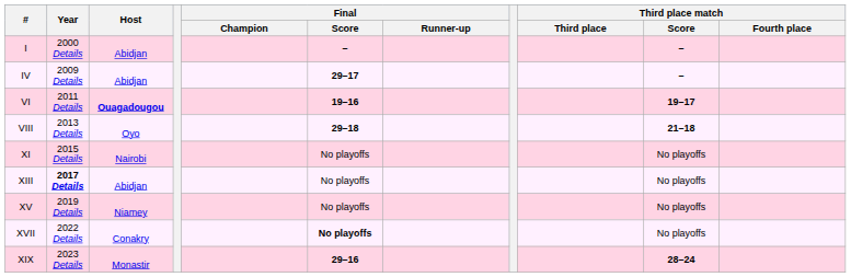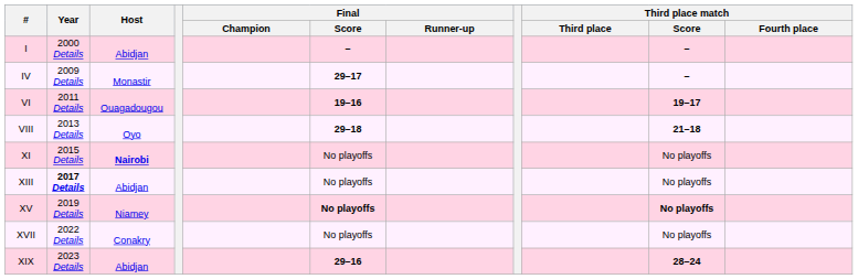 <table class="wikitable" style="font-size:90%; width: 98%; text-align: center;">
 <tr bgcolor=#C1D8FF>
 <th rowspan=2 width=5%>#</th>
 <th rowspan=2 width=5%>Year</th>
 <th rowspan=2 width=10%>Host</th>
 <th rowspan=11 width=1% bgcolor=ffffff></th>
 <th colspan=3>Final</th>
 <th rowspan=11 width=1% bgcolor=ffffff></th>
 <th colspan=3>Third place match</th>
 </tr>
 <tr bgcolor=#EFEFEF>
 <th width=15%>Champion</th>
 <th width=9%>Score</th>
 <th width=15%>Runner-up</th>
 <th width=15%>Third place</th>
 <th width=9%>Score</th>
 <th width=15%>Fourth place</th>
 </tr>
 <tr bgcolor=#ffd4e4>
 <td>I</td>
 <td>2000<br><em><a href='#'>Details</a></em></td>
 <td><br><a href='#'>Abidjan</a></td>
 <td><strong></strong></td>
 <td><strong>–</strong></td>
 <td></td>
 <td></td>
 <td><strong>–</strong></td>
 <td></td>
 </tr>
 <tr bgcolor=#fff0ff>
 <td>IV</td>
 <td>2009<br><em><a href='#'>Details</a></em></td>
-<td><br><a href='#'>Abidjan</a></td>
+<td><br><a href='#'>Monastir</a></td>
 <td><strong></strong></td>
 <td><strong>29–17</strong></td>
 <td></td>
 <td></td>
 <td><strong>–</strong></td>
 <td></td>
 </tr>
 <tr bgcolor=#ffd4e4>
 <td>VI</td>
 <td>2011<br><em><a href='#'>Details</a></em></td>
-<td><strong><br><a href='#'>Ouagadougou</a></strong></td>
+<td><br><a href='#'>Ouagadougou</a></td>
 <td><strong></strong></td>
 <td><strong>19–16</strong></td>
 <td></td>
 <td></td>
 <td><strong>19–17</strong></td>
 <td></td>
 </tr>
 <tr bgcolor=#fff0ff>
 <td>VIII</td>
 <td>2013<br><em><a href='#'>Details</a></em></td>
 <td><br><a href='#'>Oyo</a></td>
 <td><strong></strong></td>
 <td><strong>29–18</strong></td>
 <td></td>
 <td></td>
 <td><strong>21–18</strong></td>
 <td></td>
 </tr>
 <tr bgcolor=#ffd4e4>
 <td>XI</td>
 <td>2015<br><em><a href='#'>Details</a></em></td>
-<td><br><a href='#'>Nairobi</a></td>
+<td><strong><br><a href='#'>Nairobi</a></strong></td>
 <td><strong></strong></td>
 <td><span>No playoffs</span></td>
 <td></td>
 <td></td>
 <td><span>No playoffs</span></td>
 <td></td>
 </tr>
 <tr bgcolor=#fff0ff>
 <td>XIII</td>
 <td><strong>2017<br><em><a href='#'>Details</a></em></strong></td>
 <td><br><a href='#'>Abidjan</a></td>
 <td><strong></strong></td>
 <td><span>No playoffs</span></td>
 <td></td>
 <td></td>
 <td><span>No playoffs</span></td>
 <td></td>
 </tr>
 <tr bgcolor=#ffd4e4>
 <td>XV</td>
 <td>2019<br><em><a href='#'>Details</a></em></td>
 <td><br><a href='#'>Niamey</a></td>
 <td><strong></strong></td>
-<td><span>No playoffs</span></td>
+<td><strong><span>No playoffs</span></strong></td>
 <td></td>
 <td></td>
-<td><span>No playoffs</span></td>
+<td><strong><span>No playoffs</span></strong></td>
 <td></td>
 </tr>
 <tr bgcolor=#fff0ff>
 <td>XVII</td>
 <td>2022<br><em><a href='#'>Details</a></em></td>
 <td><br><a href='#'>Conakry</a></td>
 <td></td>
-<td><strong><span>No playoffs</span></strong></td>
+<td><span>No playoffs</span></td>
 <td></td>
 <td></td>
 <td><span>No playoffs</span></td>
 <td></td>
 </tr>
 <tr bgcolor=#ffd4e4>
 <td>XIX</td>
 <td>2023<br><em><a href='#'>Details</a></em></td>
-<td><br><a href='#'>Monastir</a></td>
+<td><br><a href='#'>Abidjan</a></td>
 <td></td>
 <td><strong>29–16</strong></td>
 <td></td>
 <td></td>
 <td><strong>28–24</strong></td>
 <td></td>
 </tr>
 </table>
